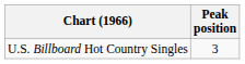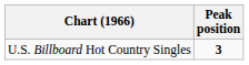 <table class="wikitable sortable">
 <tr>
 <th align="left">Chart (1966)</th>
 <th align="center">Peak<br>position</th>
 </tr>
 <tr>
 <td align="left">U.S. <em>Billboard</em> Hot Country Singles</td>
-<td align="center">3</td>
+<td align="center"><strong>3</strong></td>
 </tr>
 </table>
